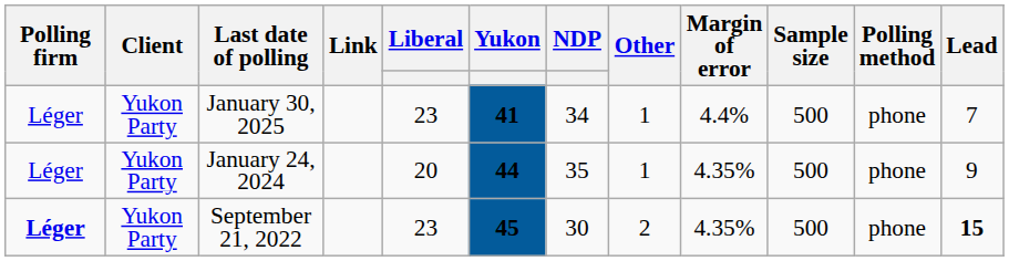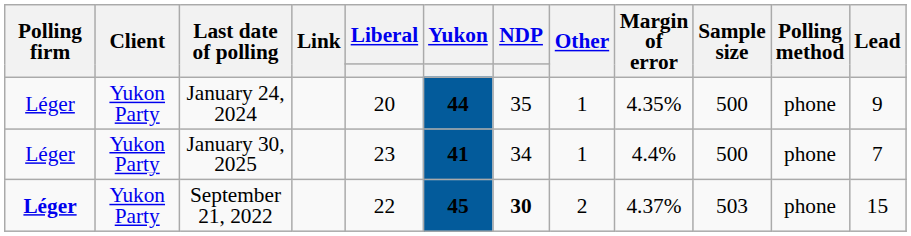 <table class="wikitable sortable" style="text-align:center;font-size:90%;line-height:14px;">
 <tr style="height:40px;">
 <th style="width:105px;" rowspan="2">Polling firm</th>
 <th style="width:105px;" rowspan="2">Client</th>
 <th style="width:105px;" rowspan="2">Last date<br>of polling</th>
 <th rowspan="2">Link</th>
 <th class="unsortable" style="width:40px;"><a href='#'>Liberal</a></th>
 <th class="unsortable" style="width:40px;"><a href='#'>Yukon</a></th>
 <th class="unsortable" style="width:40px;"><a href='#'>NDP</a></th>
 <th rowspan="2" class="unsortable" style="width:40px;"><a href='#'>Other</a></th>
 <th rowspan="2">Margin<br>of error</th>
 <th rowspan="2">Sample<br>size</th>
 <th rowspan="2">Polling method</th>
 <th rowspan="2">Lead</th>
 </tr>
 <tr>
 <th style="background:"></th>
 <th style="background:"></th>
 <th style="background:"></th>
 </tr>
 <tr>
 <td><a href='#'>Léger</a></td>
 <td><a href='#'>Yukon Party</a></td>
+<td>January 24, 2024</td>
+<td></td>
+<td>20</td>
+<td style="background:#035b9b"><strong>44</strong></td>
+<td>35</td>
+<td>1</td>
+<td>4.35%</td>
+<td>500</td>
+<td>phone</td>
+<td>9</td>
+</tr>
+<tr>
+<td><a href='#'>Léger</a></td>
+<td><a href='#'>Yukon Party</a></td>
 <td>January 30, 2025</td>
 <td></td>
 <td>23</td>
 <td style="background:#035b9b"><strong>41</strong></td>
 <td>34</td>
 <td>1</td>
 <td>4.4%</td>
 <td>500</td>
 <td>phone</td>
 <td>7</td>
 </tr>
 <tr>
-<td><a href='#'>Léger</a></td>
-<td><a href='#'>Yukon Party</a></td>
-<td>January 24, 2024</td>
-<td></td>
-<td>20</td>
-<td style="background:#035b9b"><strong>44</strong></td>
-<td>35</td>
-<td>1</td>
-<td>4.35%</td>
-<td>500</td>
-<td>phone</td>
-<td>9</td>
-</tr>
-<tr>
 <td><strong><a href='#'>Léger</a></strong></td>
 <td><a href='#'>Yukon Party</a></td>
 <td>September 21, 2022</td>
 <td></td>
-<td>23</td>
+<td>22</td>
 <td style="background:#035b9b"><strong>45</strong></td>
-<td>30</td>
+<td><strong>30</strong></td>
 <td>2</td>
-<td>4.35%</td>
-<td>500</td>
+<td>4.37%</td>
+<td>503</td>
 <td>phone</td>
-<td><strong>15</strong></td>
+<td>15</td>
 </tr>
 </table>
